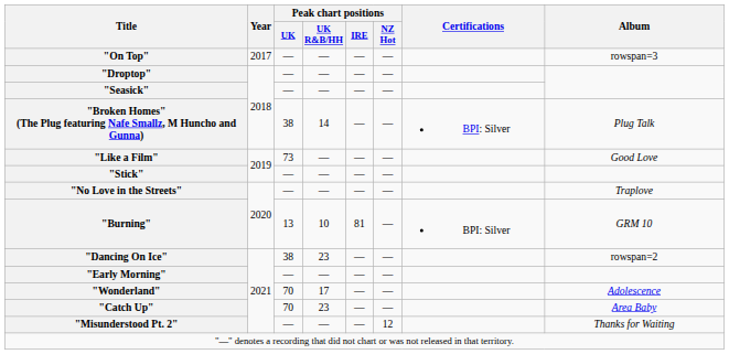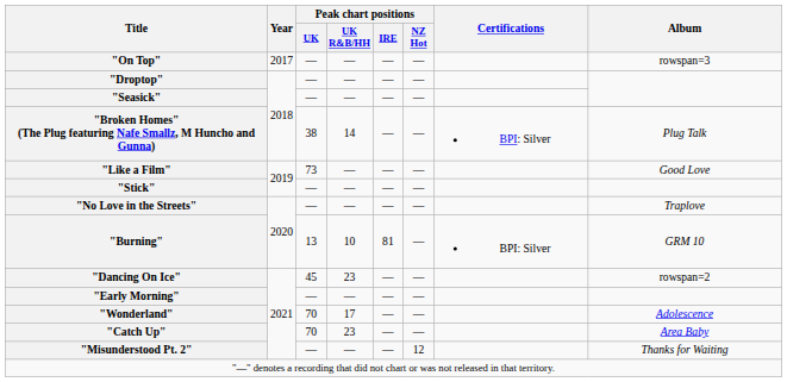 <table class="wikitable plainrowheaders" style="text-align:center;">
 <tr>
 <th scope="col" rowspan="2" style="width:22.5em;">Title</th>
 <th scope="col" rowspan="2" style="width:1em;">Year</th>
 <th scope="col" colspan="4">Peak chart positions</th>
 <th scope="col" rowspan="2" style="width:13em;"><a href='#'>Certifications</a></th>
 <th scope="col" rowspan="2" style="width:16.5em;">Album</th>
 </tr>
 <tr>
 <th scope="col" style="width:2.5em;font-size:90%;"><a href='#'>UK</a><br></th>
 <th scope="col" style="width:2.5em;font-size:90%;"><a href='#'>UK<br>R&B/HH</a><br></th>
 <th scope="col" style="width:2.5em;font-size:90%;"><a href='#'>IRE</a><br></th>
 <th scope="col" style="width:2.5em;font-size:90%;"><a href='#'>NZ<br>Hot</a><br></th>
 </tr>
 <tr>
 <th scope="row">"On Top"<br></th>
 <td>2017</td>
 <td>—</td>
 <td>—</td>
 <td>—</td>
 <td>—</td>
 <td></td>
 <td>rowspan=3 </td>
 </tr>
 <tr>
 <th scope="row">"Droptop"<br></th>
 <td rowspan=3>2018</td>
 <td>—</td>
 <td>—</td>
 <td>—</td>
 <td>—</td>
 <td></td>
 </tr>
 <tr>
 <th scope="row">"Seasick"<br></th>
 <td>—</td>
 <td>—</td>
 <td>—</td>
 <td>—</td>
 <td></td>
 </tr>
 <tr>
 <th scope="row">"Broken Homes"<br><span>(The Plug featuring <a href='#'>Nafe Smallz</a>, M Huncho and <a href='#'>Gunna</a>)</span></th>
 <td>38</td>
 <td>14</td>
 <td>—</td>
 <td>—</td>
 <td><br><ul><li><a href='#'>BPI</a>: Silver</li></ul></td>
 <td><em>Plug Talk</em></td>
 </tr>
 <tr>
 <th scope="row">"Like a Film"<br></th>
 <td rowspan=2>2019</td>
 <td>73</td>
 <td>—</td>
 <td>—</td>
 <td>—</td>
 <td></td>
 <td><em>Good Love</em></td>
 </tr>
 <tr>
 <th scope="row">"Stick"<br></th>
 <td>—</td>
 <td>—</td>
 <td>—</td>
 <td>—</td>
 <td></td>
 <td></td>
 </tr>
 <tr>
 <th scope="row">"No Love in the Streets"<br></th>
 <td rowspan=2>2020</td>
 <td>—</td>
 <td>—</td>
 <td>—</td>
 <td>—</td>
 <td></td>
 <td><em>Traplove</em></td>
 </tr>
 <tr>
 <th scope="row">"Burning"<br></th>
 <td>13</td>
 <td>10</td>
 <td>81</td>
 <td>—</td>
 <td><br><ul><li>BPI: Silver</li></ul></td>
 <td><em>GRM 10</em></td>
 </tr>
 <tr>
 <th scope="row">"Dancing On Ice"<br></th>
 <td rowspan=5>2021</td>
-<td>38</td>
+<td>45</td>
 <td>23</td>
 <td>—</td>
 <td>—</td>
 <td></td>
 <td>rowspan=2 </td>
 </tr>
 <tr>
 <th scope="row">"Early Morning"<br></th>
 <td>—</td>
 <td>—</td>
 <td>—</td>
 <td>—</td>
 <td></td>
 </tr>
 <tr>
 <th scope="row">"Wonderland"<br></th>
 <td>70</td>
 <td>17</td>
 <td>—</td>
 <td>—</td>
 <td></td>
 <td><em><a href='#'>Adolescence</a></em></td>
 </tr>
 <tr>
 <th scope="row">"Catch Up"<br></th>
 <td>70</td>
 <td>23</td>
 <td>—</td>
 <td>—</td>
 <td></td>
 <td><em><a href='#'>Area Baby</a></em></td>
 </tr>
 <tr>
 <th scope="row">"Misunderstood Pt. 2"<br></th>
 <td>—</td>
 <td>—</td>
 <td>—</td>
 <td>12</td>
 <td></td>
 <td><em>Thanks for Waiting</em></td>
 </tr>
 <tr>
 <td colspan="20" style="font-size:90%">"—" denotes a recording that did not chart or was not released in that territory.</td>
 </tr>
 </table>
